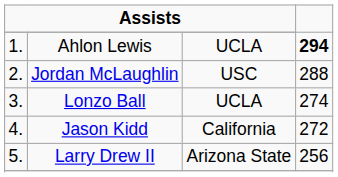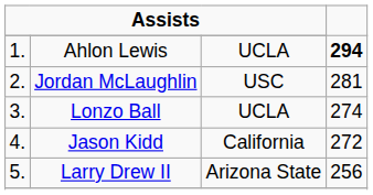 <table class="wikitable" style="display: inline-table;">
 <tr>
 <td align="center" Colspan="3"><strong>Assists</strong></td>
 </tr>
 <tr align="center">
 </tr>
 <tr align="center">
 <td>1.</td>
 <td>Ahlon Lewis</td>
 <td>UCLA</td>
 <td><strong>294</strong></td>
 </tr>
 <tr align="center">
 <td>2.</td>
 <td><a href='#'>Jordan McLaughlin</a></td>
 <td>USC</td>
-<td>288</td>
+<td>281</td>
 </tr>
 <tr align="center">
 <td>3.</td>
 <td><a href='#'>Lonzo Ball</a></td>
 <td>UCLA</td>
 <td>274</td>
 </tr>
 <tr align="center">
 <td>4.</td>
 <td><a href='#'>Jason Kidd</a></td>
 <td>California</td>
 <td>272</td>
 </tr>
 <tr align="center">
 <td>5.</td>
 <td><a href='#'>Larry Drew II</a></td>
 <td>Arizona State</td>
 <td>256</td>
 </tr>
 <tr align="center">
 </tr>
 <tr>
 </tr>
 </table>
